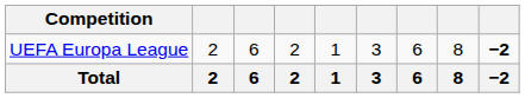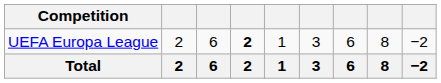 <table class="wikitable" style="text-align:center">
 <tr>
 <th>Competition</th>
 <th style="width:28px"></th>
 <th style="width:28px"></th>
 <th style="width:28px"></th>
 <th style="width:28px"></th>
 <th style="width:28px"></th>
 <th style="width:28px"></th>
 <th style="width:28px"></th>
 <th style="width:28px"></th>
 </tr>
 <tr>
 <td align=left><a href='#'>UEFA Europa League</a></td>
 <td>2</td>
 <td>6</td>
-<td>2</td>
+<td><strong>2</strong></td>
 <td>1</td>
 <td>3</td>
 <td>6</td>
 <td>8</td>
-<td><strong>−2</strong></td>
+<td>−2</td>
 </tr>
 <tr>
 <th>Total</th>
 <th>2</th>
 <th>6</th>
 <th>2</th>
 <th>1</th>
 <th>3</th>
 <th>6</th>
 <th>8</th>
 <th>−2</th>
 </tr>
 </table>
